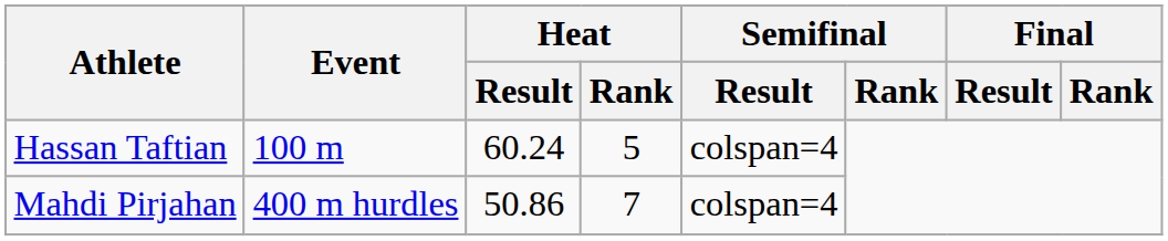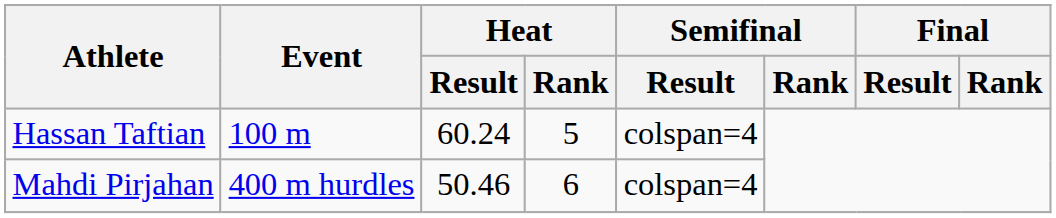 <table class="wikitable">
 <tr>
 <th rowspan="2">Athlete</th>
 <th rowspan="2">Event</th>
 <th colspan="2">Heat</th>
 <th colspan="2">Semifinal</th>
 <th colspan="2">Final</th>
 </tr>
 <tr>
 <th>Result</th>
 <th>Rank</th>
 <th>Result</th>
 <th>Rank</th>
 <th>Result</th>
 <th>Rank</th>
 </tr>
 <tr style=text-align:center>
 <td style=text-align:left><a href='#'>Hassan Taftian</a></td>
 <td style=text-align:left><a href='#'>100 m</a></td>
 <td>60.24</td>
 <td>5</td>
 <td>colspan=4 </td>
 </tr>
 <tr style=text-align:center>
 <td style=text-align:left><a href='#'>Mahdi Pirjahan</a></td>
 <td style=text-align:left><a href='#'>400 m hurdles</a></td>
-<td>50.86</td>
-<td>7</td>
+<td>50.46</td>
+<td>6</td>
 <td>colspan=4 </td>
 </tr>
 </table>
